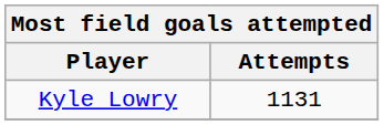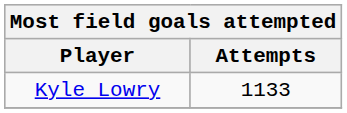 <table class="wikitable sortable" style="text-align:center">
 <tr>
 <th colspan="2">Most field goals attempted</th>
 </tr>
 <tr>
 <th>Player</th>
 <th>Attempts</th>
 </tr>
 <tr>
 <td><a href='#'>Kyle Lowry</a></td>
-<td>1131</td>
+<td>1133</td>
 </tr>
 <tr>
 </tr>
 </table>
